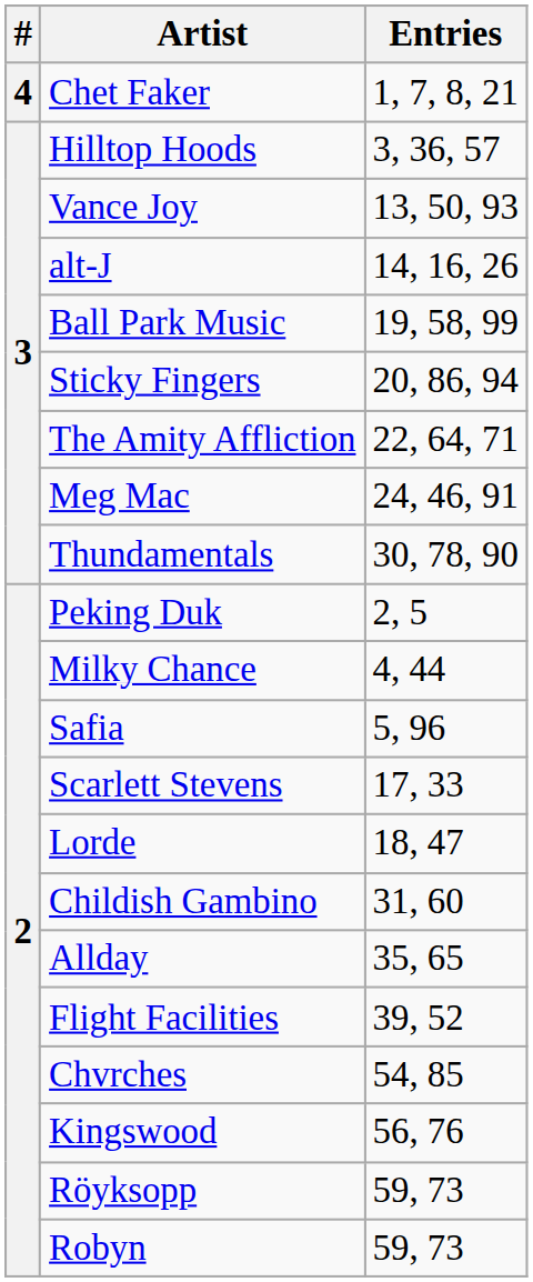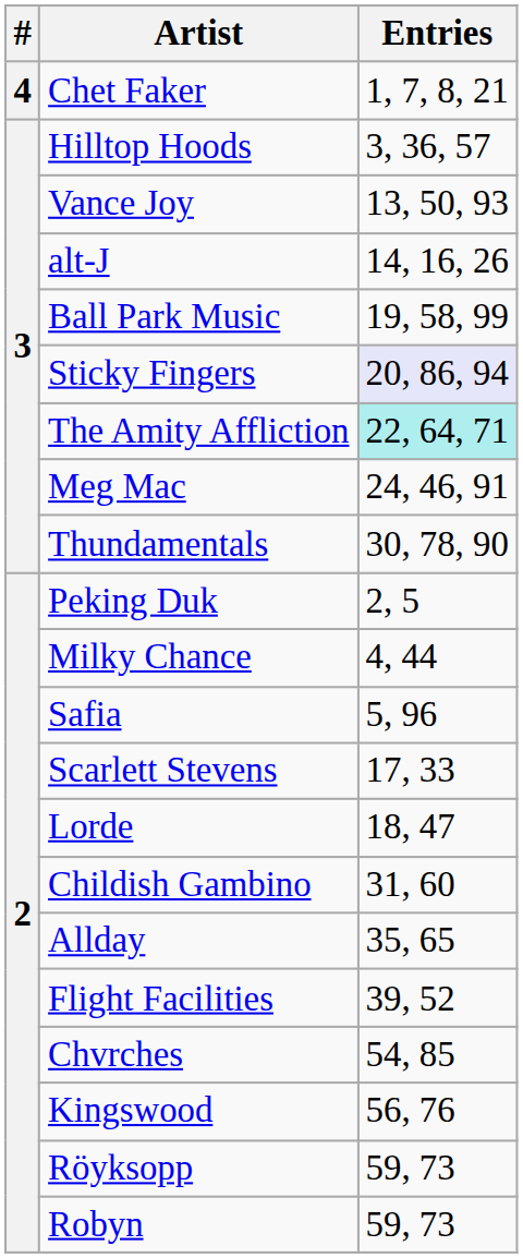 <table class="wikitable sortable">
 <tr>
 <th>#</th>
 <th>Artist</th>
 <th>Entries</th>
 </tr>
 <tr>
 <th>4</th>
 <td><a href='#'>Chet Faker</a></td>
 <td>1, 7, 8, 21</td>
 </tr>
 <tr>
 <th rowspan="8">3</th>
 <td><a href='#'>Hilltop Hoods</a></td>
 <td>3, 36, 57</td>
 </tr>
 <tr>
 <td><a href='#'>Vance Joy</a></td>
 <td>13, 50, 93</td>
 </tr>
 <tr>
 <td><a href='#'>alt-J</a></td>
 <td>14, 16, 26</td>
 </tr>
 <tr>
 <td><a href='#'>Ball Park Music</a></td>
 <td>19, 58, 99</td>
 </tr>
 <tr>
 <td><a href='#'>Sticky Fingers</a></td>
-<td>20, 86, 94</td>
+<td style="background: lavender;">20, 86, 94</td>
 </tr>
 <tr>
 <td><a href='#'>The Amity Affliction</a></td>
-<td>22, 64, 71</td>
+<td style="background: paleturquoise;">22, 64, 71</td>
 </tr>
 <tr>
 <td><a href='#'>Meg Mac</a></td>
 <td>24, 46, 91</td>
 </tr>
 <tr>
 <td><a href='#'>Thundamentals</a></td>
 <td>30, 78, 90</td>
 </tr>
 <tr>
 <th rowspan="12">2</th>
 <td><a href='#'>Peking Duk</a></td>
 <td>2, 5</td>
 </tr>
 <tr>
 <td><a href='#'>Milky Chance</a></td>
 <td>4, 44</td>
 </tr>
 <tr>
 <td><a href='#'>Safia</a></td>
 <td>5, 96</td>
 </tr>
 <tr>
 <td><a href='#'>Scarlett Stevens</a></td>
 <td>17, 33</td>
 </tr>
 <tr>
 <td><a href='#'>Lorde</a></td>
 <td>18, 47</td>
 </tr>
 <tr>
 <td><a href='#'>Childish Gambino</a></td>
 <td>31, 60</td>
 </tr>
 <tr>
 <td><a href='#'>Allday</a></td>
 <td>35, 65</td>
 </tr>
 <tr>
 <td><a href='#'>Flight Facilities</a></td>
 <td>39, 52</td>
 </tr>
 <tr>
 <td><a href='#'>Chvrches</a></td>
 <td>54, 85</td>
 </tr>
 <tr>
 <td><a href='#'>Kingswood</a></td>
 <td>56, 76</td>
 </tr>
 <tr>
 <td><a href='#'>Röyksopp</a></td>
 <td>59, 73</td>
 </tr>
 <tr>
 <td><a href='#'>Robyn</a></td>
 <td>59, 73</td>
 </tr>
 </table>
